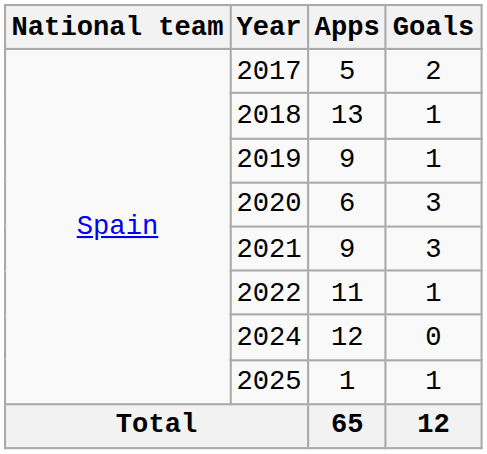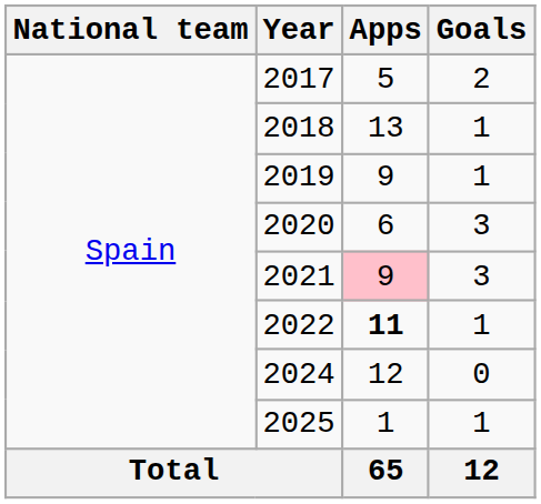 <table class="wikitable" style="text-align:center">
 <tr>
 <th>National team</th>
 <th>Year</th>
 <th>Apps</th>
 <th>Goals</th>
 </tr>
 <tr>
 <td rowspan="8"><a href='#'>Spain</a></td>
 <td>2017</td>
 <td>5</td>
 <td>2</td>
 </tr>
 <tr>
 <td>2018</td>
 <td>13</td>
 <td>1</td>
 </tr>
 <tr>
 <td>2019</td>
 <td>9</td>
 <td>1</td>
 </tr>
 <tr>
 <td>2020</td>
 <td>6</td>
 <td>3</td>
 </tr>
 <tr>
 <td>2021</td>
-<td>9</td>
+<td style="background: pink;">9</td>
 <td>3</td>
 </tr>
 <tr>
 <td>2022</td>
-<td>11</td>
+<td><strong>11</strong></td>
 <td>1</td>
 </tr>
 <tr>
 <td>2024</td>
 <td>12</td>
 <td>0</td>
 </tr>
 <tr>
 <td>2025</td>
 <td>1</td>
 <td>1</td>
 </tr>
 <tr>
 <th colspan="2">Total</th>
 <th>65</th>
 <th>12</th>
 </tr>
 </table>
